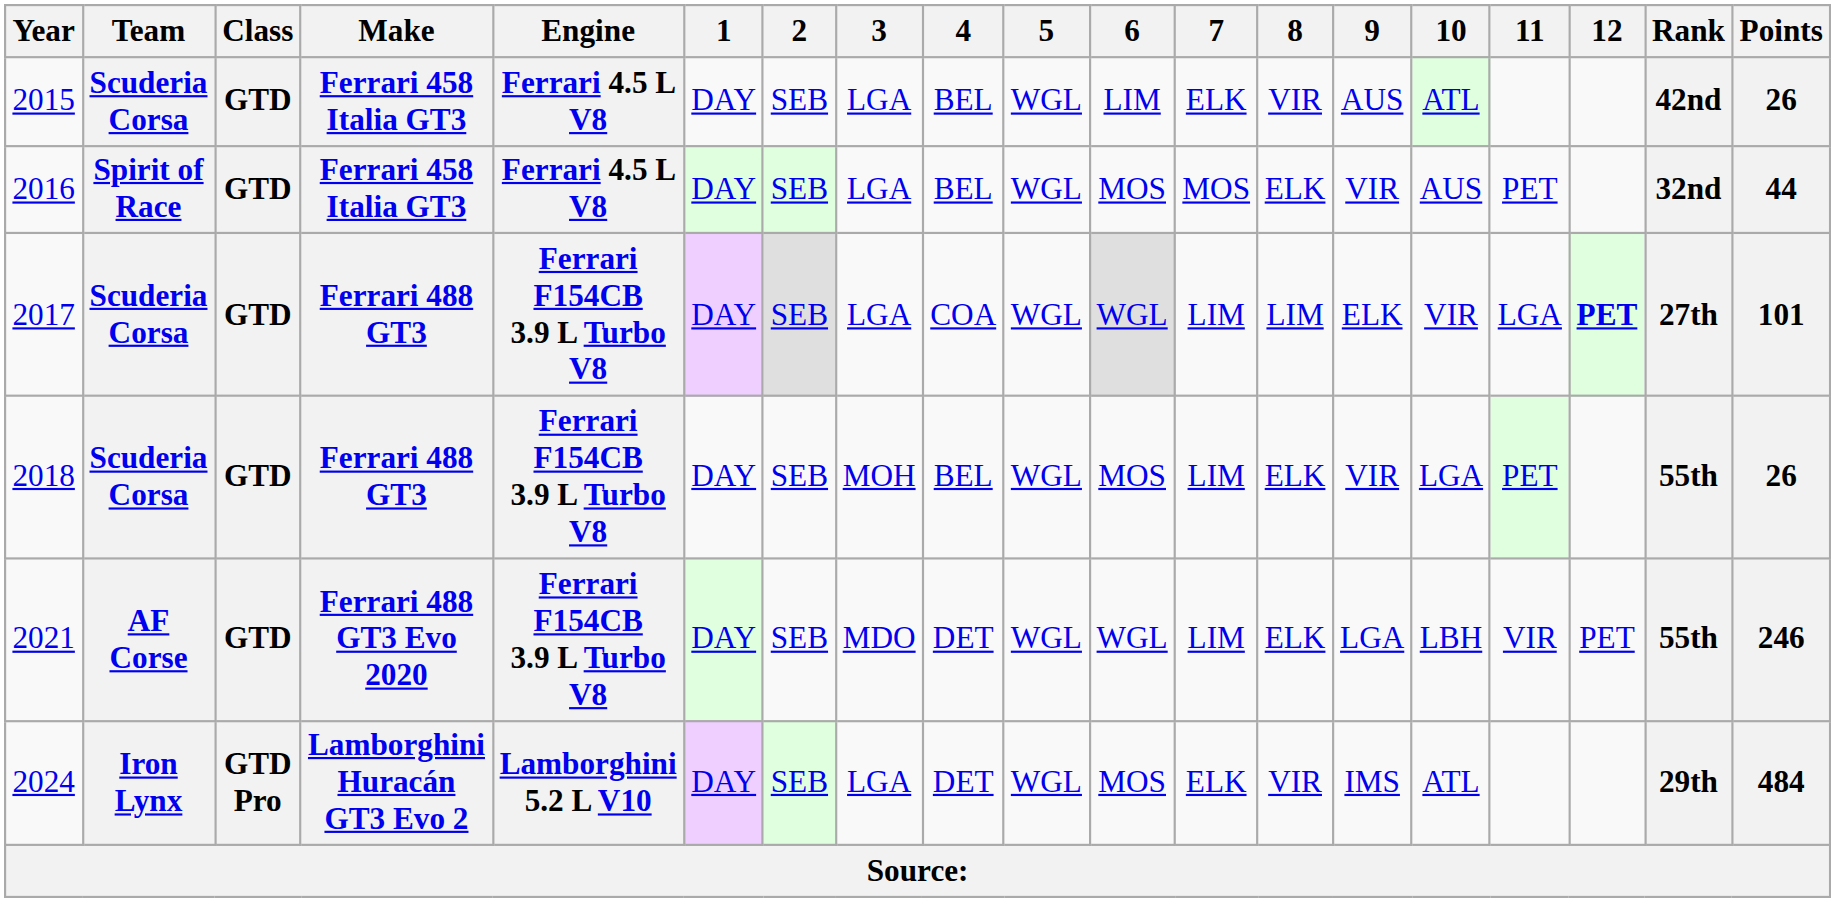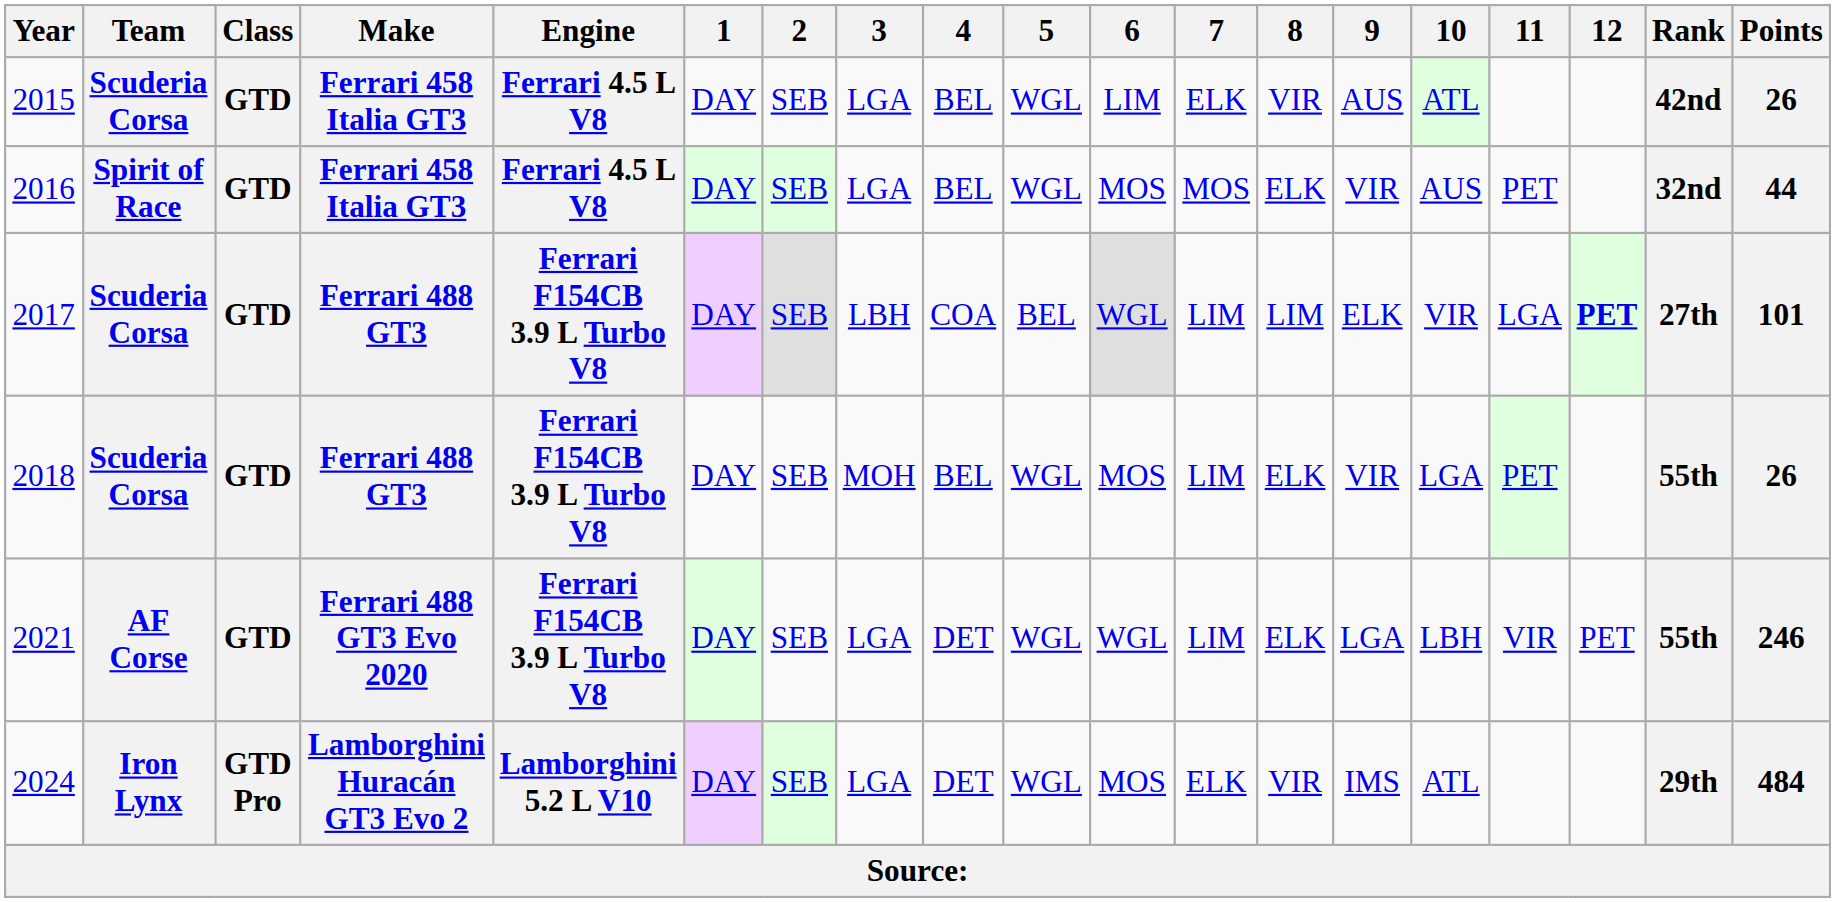 <table class="wikitable" style="text-align:center; font-size:90%">
 <tr>
 <th>Year</th>
 <th>Team</th>
 <th>Class</th>
 <th>Make</th>
 <th>Engine</th>
 <th>1</th>
 <th>2</th>
 <th>3</th>
 <th>4</th>
 <th>5</th>
 <th>6</th>
 <th>7</th>
 <th>8</th>
 <th>9</th>
 <th>10</th>
 <th>11</th>
 <th>12</th>
 <th>Rank</th>
 <th>Points</th>
 </tr>
 <tr>
 <td><a href='#'>2015</a></td>
 <th><a href='#'>Scuderia Corsa</a></th>
 <th>GTD</th>
 <th><a href='#'>Ferrari 458 Italia GT3</a></th>
 <th><a href='#'>Ferrari</a> 4.5 L <a href='#'>V8</a></th>
 <td style="background:#;"><a href='#'>DAY</a><br></td>
 <td style="background:#;"><a href='#'>SEB</a><br></td>
 <td style="background:#;”"><a href='#'>LGA</a><br></td>
 <td style="background:#;"><a href='#'>BEL</a><br></td>
 <td style="background:#;"><a href='#'>WGL</a><br></td>
 <td style="background:#;"><a href='#'>LIM</a><br></td>
 <td style="background:#;"><a href='#'>ELK</a><br></td>
 <td style="background:#;"><a href='#'>VIR</a><br></td>
 <td style="background:#;"><a href='#'>AUS</a><br></td>
 <td style="background:#DFFFDF;"><a href='#'>ATL</a><br></td>
 <td></td>
 <td></td>
 <th>42nd</th>
 <th>26</th>
 </tr>
 <tr>
 <td><a href='#'>2016</a></td>
 <th><a href='#'>Spirit of Race</a></th>
 <th>GTD</th>
 <th><a href='#'>Ferrari 458 Italia GT3</a></th>
 <th><a href='#'>Ferrari</a> 4.5 L <a href='#'>V8</a></th>
 <td style="background:#DFFFDF;"><a href='#'>DAY</a><br></td>
 <td style="background:#DFFFDF;"><a href='#'>SEB</a><br></td>
 <td style="background:#;"><a href='#'>LGA</a><br></td>
 <td style="background:#;"><a href='#'>BEL</a><br></td>
 <td style="background:#;"><a href='#'>WGL</a><br></td>
 <td style="background:#;"><a href='#'>MOS</a><br></td>
 <td style="background:#;"><a href='#'>MOS</a><br></td>
 <td style="background:#;"><a href='#'>ELK</a><br></td>
 <td style="background:#;"><a href='#'>VIR</a><br></td>
 <td style="background:#;"><a href='#'>AUS</a><br></td>
 <td style="background:#;"><a href='#'>PET</a><br></td>
 <td></td>
 <th>32nd</th>
 <th>44</th>
 </tr>
 <tr>
 <td><a href='#'>2017</a></td>
 <th><a href='#'>Scuderia Corsa</a></th>
 <th>GTD</th>
 <th><a href='#'>Ferrari 488 GT3</a></th>
 <th><a href='#'>Ferrari F154CB</a> 3.9 L <a href='#'>Turbo</a> <a href='#'>V8</a></th>
 <td style="background:#EFCFFF;"><a href='#'>DAY</a><br></td>
 <td style="background:#DFDFDF;”"><a href='#'>SEB</a><br></td>
-<td style="background:#;”"><a href='#'>LGA</a><br></td>
+<td style="background:#;"><a href='#'>LBH</a><br></td>
 <td style="background:#;"><a href='#'>COA</a><br></td>
-<td style="background:#;"><a href='#'>WGL</a><br></td>
+<td style="background:#;"><a href='#'>BEL</a><br></td>
 <td style="background:#DFDFDF;”"><a href='#'>WGL</a><br></td>
 <td style="background:#;"><a href='#'>LIM</a><br></td>
 <td style="background:#;"><a href='#'>LIM</a><br></td>
 <td style="background:#;"><a href='#'>ELK</a><br></td>
 <td style="background:#;"><a href='#'>VIR</a><br></td>
 <td style="background:#;"><a href='#'>LGA</a><br></td>
 <td style="background:#DFFFDF;"><strong><a href='#'>PET</a><br></strong></td>
 <th>27th</th>
 <th>101</th>
 </tr>
 <tr>
 <td><a href='#'>2018</a></td>
 <th><a href='#'>Scuderia Corsa</a></th>
 <th>GTD</th>
 <th><a href='#'>Ferrari 488 GT3</a></th>
 <th><a href='#'>Ferrari F154CB</a> 3.9 L <a href='#'>Turbo</a> <a href='#'>V8</a></th>
 <td style="background:#;"><a href='#'>DAY</a><br></td>
 <td style="background:#;"><a href='#'>SEB</a><br></td>
 <td style="background:#;"><a href='#'>MOH</a><br></td>
 <td style="background:#;"><a href='#'>BEL</a><br></td>
 <td style="background:#;"><a href='#'>WGL</a><br></td>
 <td style="background:#;"><a href='#'>MOS</a><br></td>
 <td style="background:#;"><a href='#'>LIM</a><br></td>
 <td style="background:#;"><a href='#'>ELK</a><br></td>
 <td style="background:#;"><a href='#'>VIR</a><br></td>
 <td style="background:#;"><a href='#'>LGA</a><br></td>
 <td style="background:#DFFFDF;"><a href='#'>PET</a><br></td>
 <td></td>
 <th>55th</th>
 <th>26</th>
 </tr>
 <tr>
 <td><a href='#'>2021</a></td>
 <th><a href='#'>AF Corse</a></th>
 <th>GTD</th>
 <th><a href='#'>Ferrari 488 GT3 Evo 2020</a></th>
 <th><a href='#'>Ferrari F154CB</a> 3.9 L <a href='#'>Turbo</a> <a href='#'>V8</a></th>
 <td style="background:#DFFFDF;"><a href='#'>DAY</a><br></td>
 <td style="background:#;"><a href='#'>SEB</a><br></td>
-<td style="background:#;"><a href='#'>MDO</a><br></td>
+<td style="background:#;”"><a href='#'>LGA</a><br></td>
 <td style="background:#;"><a href='#'>DET</a><br></td>
 <td style="background:#;"><a href='#'>WGL</a><br></td>
 <td style="background:#;"><a href='#'>WGL</a><br></td>
 <td style="background:#;"><a href='#'>LIM</a><br></td>
 <td style="background:#;"><a href='#'>ELK</a><br></td>
 <td style="background:#;"><a href='#'>LGA</a><br></td>
 <td style="background:#;"><a href='#'>LBH</a><br></td>
 <td style="background:#;"><a href='#'>VIR</a><br></td>
 <td style="background:#;"><a href='#'>PET</a><br></td>
 <th>55th</th>
 <th>246</th>
 </tr>
 <tr>
 <td><a href='#'>2024</a></td>
 <th><a href='#'>Iron Lynx</a></th>
 <th>GTD Pro</th>
 <th><a href='#'>Lamborghini Huracán GT3 Evo 2</a></th>
 <th><a href='#'>Lamborghini</a> 5.2 L <a href='#'>V10</a></th>
 <td style="background:#EFCFFF;"><a href='#'>DAY</a><br></td>
 <td style="background:#DFFFDF;"><a href='#'>SEB</a><br></td>
 <td><a href='#'>LGA</a></td>
 <td><a href='#'>DET</a></td>
 <td><a href='#'>WGL</a></td>
 <td><a href='#'>MOS</a></td>
 <td><a href='#'>ELK</a></td>
 <td><a href='#'>VIR</a></td>
 <td><a href='#'>IMS</a></td>
 <td><a href='#'>ATL</a></td>
 <td></td>
 <td></td>
 <th>29th</th>
 <th>484</th>
 </tr>
 <tr>
 <th colspan="19">Source:</th>
 </tr>
 </table>
